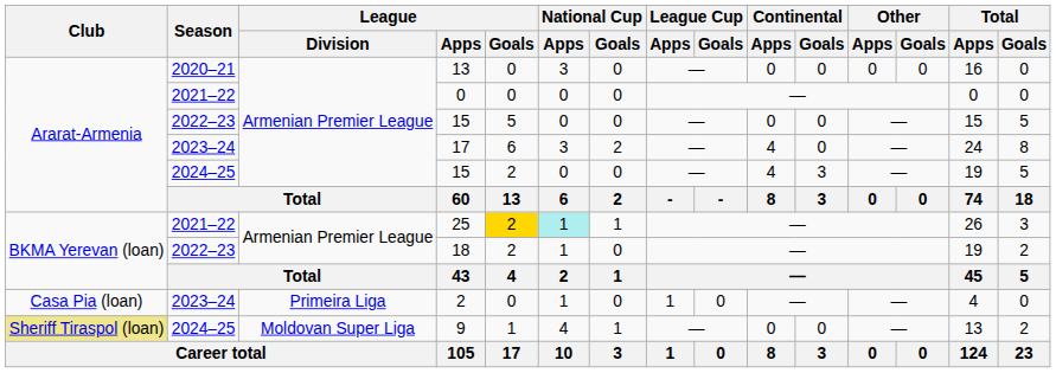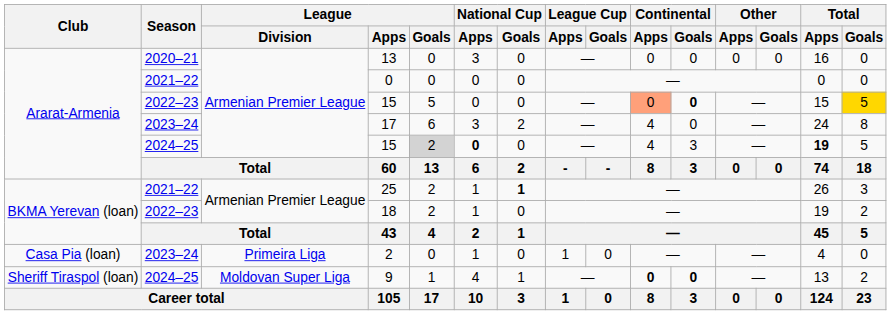 <table class="wikitable" style="text-align: center">
 <tr>
 <th rowspan="2">Club</th>
 <th rowspan="2">Season</th>
 <th colspan="3">League</th>
 <th colspan="2">National Cup</th>
 <th colspan="2">League Cup</th>
 <th colspan="2">Continental</th>
 <th colspan="2">Other</th>
 <th colspan="2">Total</th>
 </tr>
 <tr>
 <th>Division</th>
 <th>Apps</th>
 <th>Goals</th>
 <th>Apps</th>
 <th>Goals</th>
 <th>Apps</th>
 <th>Goals</th>
 <th>Apps</th>
 <th>Goals</th>
 <th>Apps</th>
 <th>Goals</th>
 <th>Apps</th>
 <th>Goals</th>
 </tr>
 <tr>
 <td rowspan="6"><a href='#'>Ararat-Armenia</a></td>
 <td><a href='#'>2020–21</a></td>
 <td rowspan="5"><a href='#'>Armenian Premier League</a></td>
 <td>13</td>
 <td>0</td>
 <td>3</td>
 <td>0</td>
 <td colspan="2">—</td>
 <td>0</td>
 <td>0</td>
 <td>0</td>
 <td>0</td>
 <td>16</td>
 <td>0</td>
 </tr>
 <tr>
 <td><a href='#'>2021–22</a></td>
 <td>0</td>
 <td>0</td>
 <td>0</td>
 <td>0</td>
 <td colspan="6">—</td>
 <td>0</td>
 <td>0</td>
 </tr>
 <tr>
 <td><a href='#'>2022–23</a></td>
 <td>15</td>
 <td>5</td>
 <td>0</td>
 <td>0</td>
 <td colspan="2">—</td>
-<td>0</td>
-<td>0</td>
+<td style="background: lightsalmon;">0</td>
+<td><strong>0</strong></td>
 <td colspan="2">—</td>
 <td>15</td>
-<td>5</td>
+<td style="background: gold;">5</td>
 </tr>
 <tr>
 <td><a href='#'>2023–24</a></td>
 <td>17</td>
 <td>6</td>
 <td>3</td>
 <td>2</td>
 <td colspan="2">—</td>
 <td>4</td>
 <td>0</td>
 <td colspan="2">—</td>
 <td>24</td>
 <td>8</td>
 </tr>
 <tr>
 <td><a href='#'>2024–25</a></td>
 <td>15</td>
-<td>2</td>
-<td>0</td>
+<td style="background: lightgrey;">2</td>
+<td><strong>0</strong></td>
 <td>0</td>
 <td colspan="2">—</td>
 <td>4</td>
 <td>3</td>
 <td colspan="2">—</td>
-<td>19</td>
+<td><strong>19</strong></td>
 <td>5</td>
 </tr>
 <tr>
 <th colspan="2">Total</th>
 <th>60</th>
 <th>13</th>
 <th>6</th>
 <th>2</th>
 <th>-</th>
 <th>-</th>
 <th>8</th>
 <th>3</th>
 <th>0</th>
 <th>0</th>
 <th>74</th>
 <th>18</th>
 </tr>
 <tr>
 <td rowspan="3"><a href='#'>BKMA Yerevan</a> (loan)</td>
 <td><a href='#'>2021–22</a></td>
 <td rowspan="2">Armenian Premier League</td>
 <td>25</td>
-<td style="background: gold;">2</td>
-<td style="background: paleturquoise;">1</td>
+<td>2</td>
 <td>1</td>
+<td><strong>1</strong></td>
 <td colspan="6">—</td>
 <td>26</td>
 <td>3</td>
 </tr>
 <tr>
 <td><a href='#'>2022–23</a></td>
 <td>18</td>
 <td>2</td>
 <td>1</td>
 <td>0</td>
 <td colspan="6">—</td>
 <td>19</td>
 <td>2</td>
 </tr>
 <tr>
 <th colspan="2">Total</th>
 <th>43</th>
 <th>4</th>
 <th>2</th>
 <th>1</th>
 <th colspan="6">—</th>
 <th>45</th>
 <th>5</th>
 </tr>
 <tr>
 <td><a href='#'>Casa Pia</a> (loan)</td>
 <td><a href='#'>2023–24</a></td>
 <td><a href='#'>Primeira Liga</a></td>
 <td>2</td>
 <td>0</td>
 <td>1</td>
 <td>0</td>
 <td>1</td>
 <td>0</td>
 <td colspan="2">—</td>
 <td colspan="2">—</td>
 <td>4</td>
 <td>0</td>
 </tr>
 <tr>
-<td style="background: khaki;"><a href='#'>Sheriff Tiraspol</a> (loan)</td>
+<td><a href='#'>Sheriff Tiraspol</a> (loan)</td>
 <td><a href='#'>2024–25</a></td>
 <td><a href='#'>Moldovan Super Liga</a></td>
 <td>9</td>
 <td>1</td>
 <td>4</td>
 <td>1</td>
 <td colspan="2">—</td>
-<td>0</td>
-<td>0</td>
+<td><strong>0</strong></td>
+<td><strong>0</strong></td>
 <td colspan="2">—</td>
 <td>13</td>
 <td>2</td>
 </tr>
 <tr>
 <th colspan="3">Career total</th>
 <th>105</th>
 <th>17</th>
 <th>10</th>
 <th>3</th>
 <th>1</th>
 <th>0</th>
 <th>8</th>
 <th>3</th>
 <th>0</th>
 <th>0</th>
 <th>124</th>
 <th>23</th>
 </tr>
 </table>
